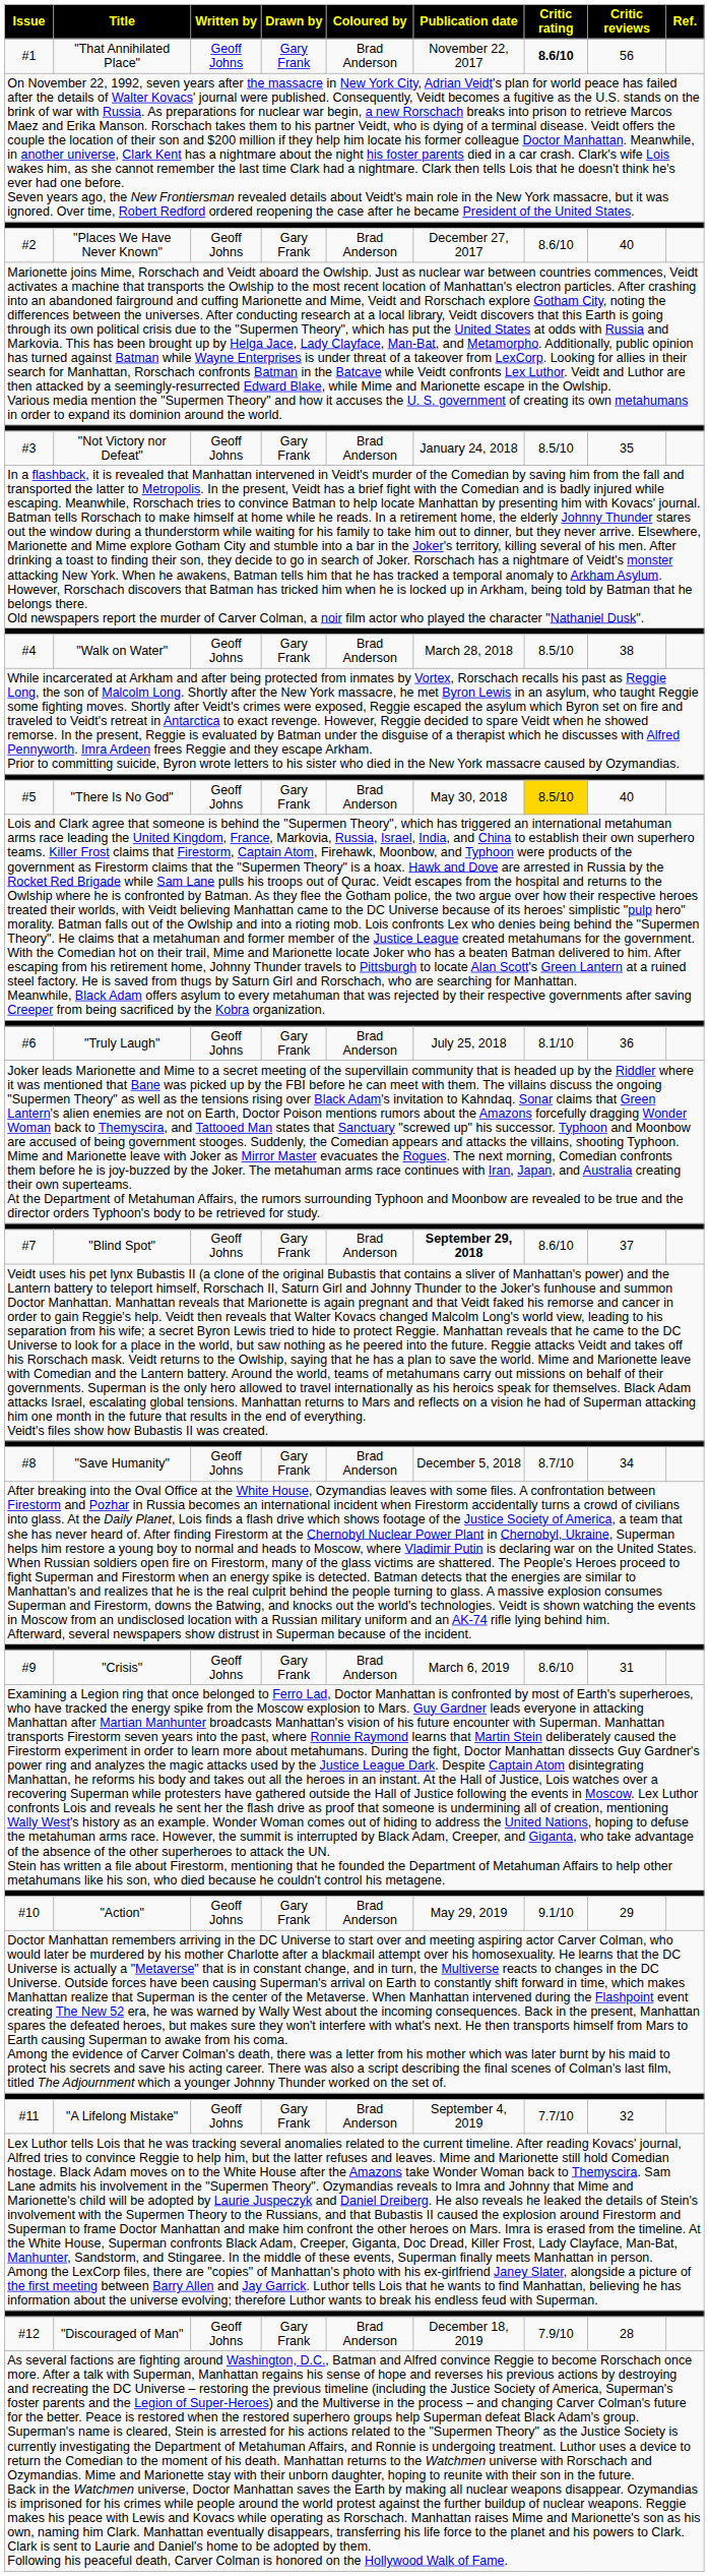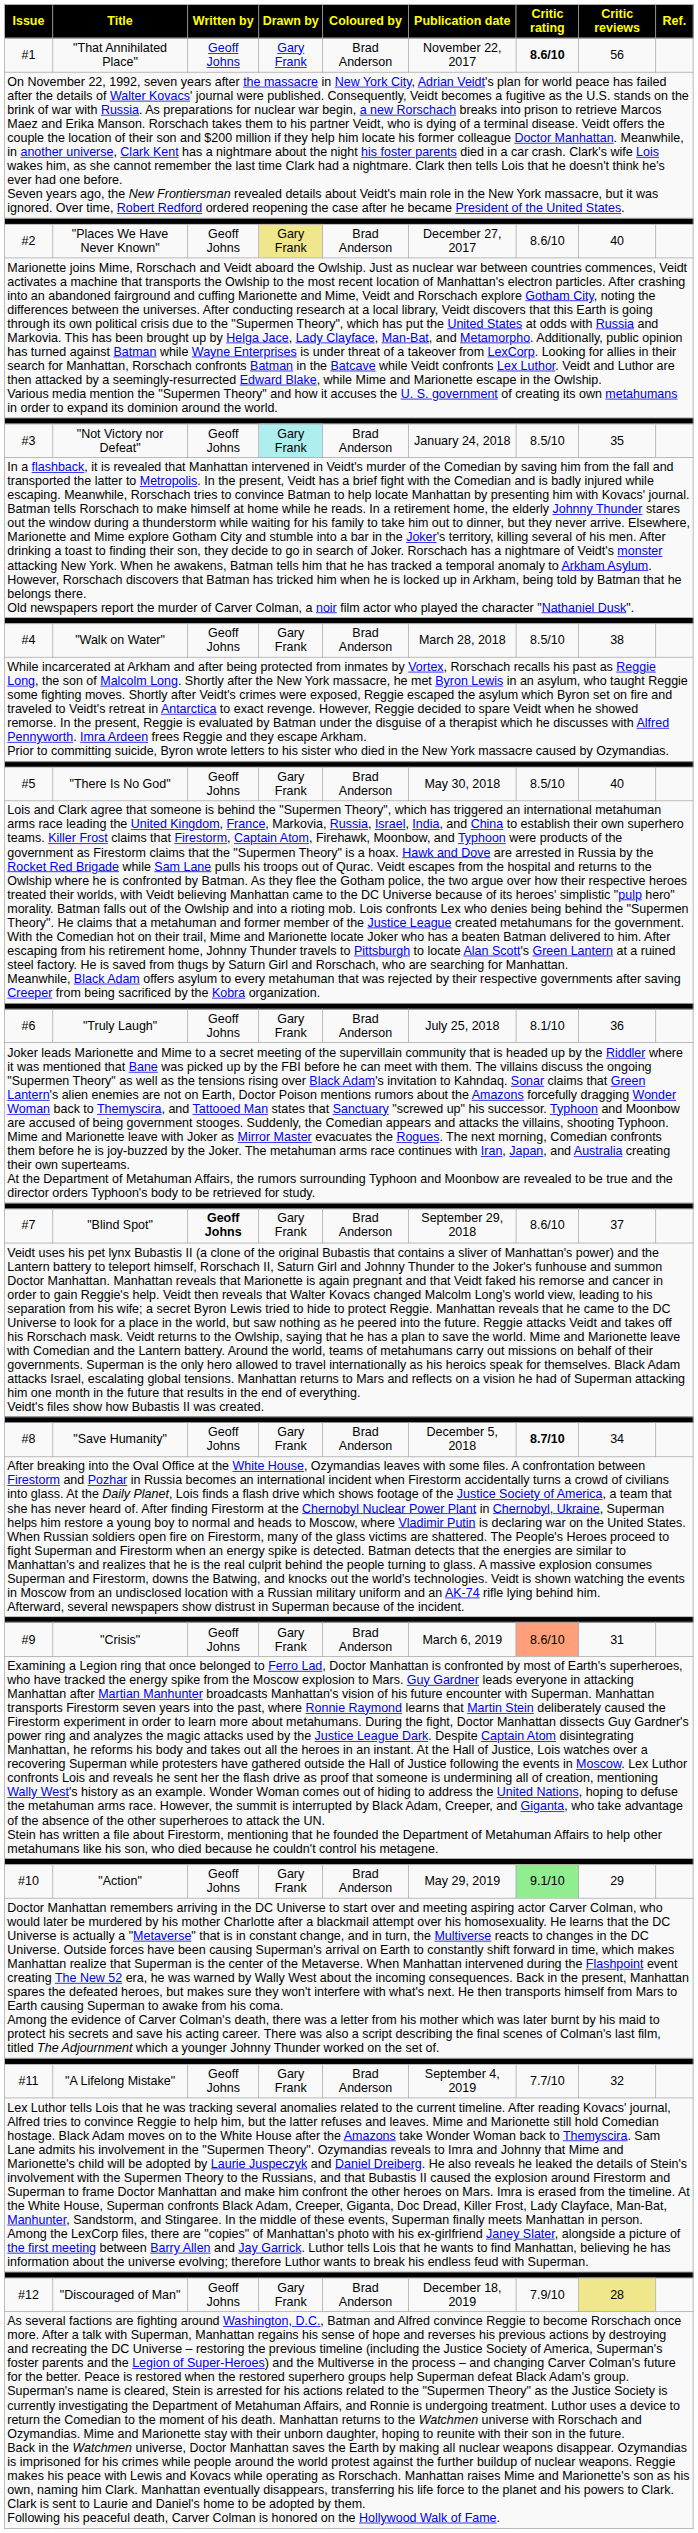 <table class="wikitable" width="100%;" style="text-align: center;">
 <tr>
 <th style="background:black; color:yellow">Issue</th>
 <th style="background:black; color:yellow">Title</th>
 <th style="background:black; color:yellow">Written by</th>
 <th style="background:black; color:yellow">Drawn by</th>
 <th style="background:black; color:yellow">Coloured by</th>
 <th style="background:black; color:yellow">Publication date</th>
 <th style="background:black; color:yellow">Critic rating</th>
 <th style="background:black; color:yellow">Critic reviews</th>
 <th style="background:black; color:yellow">Ref.</th>
 </tr>
 <tr>
 <td>#1</td>
 <td>"That Annihilated Place"</td>
 <td><a href='#'>Geoff Johns</a></td>
 <td><a href='#'>Gary Frank</a></td>
 <td>Brad Anderson</td>
 <td>November 22, 2017</td>
 <td><strong>8.6/10</strong></td>
 <td>56</td>
 <td></td>
 </tr>
 <tr>
 <td colspan="9" style="text-align: left;">On November 22, 1992, seven years after <a href='#'>the massacre</a> in <a href='#'>New York City</a>, <a href='#'>Adrian Veidt</a>'s plan for world peace has failed after the details of <a href='#'>Walter Kovacs</a>' journal were published. Consequently, Veidt becomes a fugitive as the U.S. stands on the brink of war with <a href='#'>Russia</a>. As preparations for nuclear war begin, <a href='#'>a new Rorschach</a> breaks into prison to retrieve Marcos Maez and Erika Manson. Rorschach takes them to his partner Veidt, who is dying of a terminal disease. Veidt offers the couple the location of their son and $200 million if they help him locate his former colleague <a href='#'>Doctor Manhattan</a>. Meanwhile, in <a href='#'>another universe</a>, <a href='#'>Clark Kent</a> has a nightmare about the night <a href='#'>his foster parents</a> died in a car crash. Clark's wife <a href='#'>Lois</a> wakes him, as she cannot remember the last time Clark had a nightmare. Clark then tells Lois that he doesn't think he's ever had one before.<br>Seven years ago, the <em>New Frontiersman</em> revealed details about Veidt's main role in the New York massacre, but it was ignored. Over time, <a href='#'>Robert Redford</a> ordered reopening the case after he became <a href='#'>President of the United States</a>.</td>
 </tr>
 <tr>
 <td colspan="9" bgcolor="#000000"></td>
 </tr>
 <tr>
 <td>#2</td>
 <td>"Places We Have Never Known"</td>
 <td>Geoff Johns</td>
-<td>Gary Frank</td>
+<td style="background: khaki;">Gary Frank</td>
 <td>Brad Anderson</td>
 <td>December 27, 2017</td>
 <td>8.6/10</td>
 <td>40</td>
 <td></td>
 </tr>
 <tr>
 <td colspan="9" style="text-align: left;">Marionette joins Mime, Rorschach and Veidt aboard the Owlship. Just as nuclear war between countries commences, Veidt activates a machine that transports the Owlship to the most recent location of Manhattan's electron particles. After crashing into an abandoned fairground and cuffing Marionette and Mime, Veidt and Rorschach explore <a href='#'>Gotham City</a>, noting the differences between the universes. After conducting research at a local library, Veidt discovers that this Earth is going through its own political crisis due to the "Supermen Theory", which has put the <a href='#'>United States</a> at odds with <a href='#'>Russia</a> and Markovia. This has been brought up by <a href='#'>Helga Jace</a>, <a href='#'>Lady Clayface</a>, <a href='#'>Man-Bat</a>, and <a href='#'>Metamorpho</a>. Additionally, public opinion has turned against <a href='#'>Batman</a> while <a href='#'>Wayne Enterprises</a> is under threat of a takeover from <a href='#'>LexCorp</a>. Looking for allies in their search for Manhattan, Rorschach confronts <a href='#'>Batman</a> in the <a href='#'>Batcave</a> while Veidt confronts <a href='#'>Lex Luthor</a>. Veidt and Luthor are then attacked by a seemingly-resurrected <a href='#'>Edward Blake</a>, while Mime and Marionette escape in the Owlship.<br>Various media mention the "Supermen Theory" and how it accuses the <a href='#'>U. S. government</a> of creating its own <a href='#'>metahumans</a> in order to expand its dominion around the world.</td>
 </tr>
 <tr>
 <td colspan="9" bgcolor="#000000"></td>
 </tr>
 <tr>
 <td>#3</td>
 <td>"Not Victory nor Defeat"</td>
 <td>Geoff Johns</td>
-<td>Gary Frank</td>
+<td style="background: paleturquoise;">Gary Frank</td>
 <td>Brad Anderson</td>
 <td>January 24, 2018</td>
 <td>8.5/10</td>
 <td>35</td>
 <td></td>
 </tr>
 <tr>
 <td colspan="9" style="text-align: left;">In a <a href='#'>flashback</a>, it is revealed that Manhattan intervened in Veidt's murder of the Comedian by saving him from the fall and transported the latter to <a href='#'>Metropolis</a>. In the present, Veidt has a brief fight with the Comedian and is badly injured while escaping. Meanwhile, Rorschach tries to convince Batman to help locate Manhattan by presenting him with Kovacs' journal. Batman tells Rorschach to make himself at home while he reads. In a retirement home, the elderly <a href='#'>Johnny Thunder</a> stares out the window during a thunderstorm while waiting for his family to take him out to dinner, but they never arrive. Elsewhere, Marionette and Mime explore Gotham City and stumble into a bar in the <a href='#'>Joker</a>'s territory, killing several of his men. After drinking a toast to finding their son, they decide to go in search of Joker. Rorschach has a nightmare of Veidt's <a href='#'>monster</a> attacking New York. When he awakens, Batman tells him that he has tracked a temporal anomaly to <a href='#'>Arkham Asylum</a>. However, Rorschach discovers that Batman has tricked him when he is locked up in Arkham, being told by Batman that he belongs there.<br>Old newspapers report the murder of Carver Colman, a <a href='#'>noir</a> film actor who played the character "<a href='#'>Nathaniel Dusk</a>".</td>
 </tr>
 <tr>
 <td colspan="9" bgcolor="#000000"></td>
 </tr>
 <tr>
 <td>#4</td>
 <td>"Walk on Water"</td>
 <td>Geoff Johns</td>
 <td>Gary Frank</td>
 <td>Brad Anderson</td>
 <td>March 28, 2018</td>
 <td>8.5/10</td>
 <td>38</td>
 <td></td>
 </tr>
 <tr>
 <td colspan="9" style="text-align: left;">While incarcerated at Arkham and after being protected from inmates by <a href='#'>Vortex</a>, Rorschach recalls his past as <a href='#'>Reggie Long</a>, the son of <a href='#'>Malcolm Long</a>. Shortly after the New York massacre, he met <a href='#'>Byron Lewis</a> in an asylum, who taught Reggie some fighting moves. Shortly after Veidt's crimes were exposed, Reggie escaped the asylum which Byron set on fire and traveled to Veidt's retreat in <a href='#'>Antarctica</a> to exact revenge. However, Reggie decided to spare Veidt when he showed remorse. In the present, Reggie is evaluated by Batman under the disguise of a therapist which he discusses with <a href='#'>Alfred Pennyworth</a>. <a href='#'>Imra Ardeen</a> frees Reggie and they escape Arkham.<br>Prior to committing suicide, Byron wrote letters to his sister who died in the New York massacre caused by Ozymandias.</td>
 </tr>
 <tr>
 <td colspan="9" bgcolor="#000000"></td>
 </tr>
 <tr>
 <td>#5</td>
 <td>"There Is No God"</td>
 <td>Geoff Johns</td>
 <td>Gary Frank</td>
 <td>Brad Anderson</td>
 <td>May 30, 2018</td>
-<td style="background: gold;">8.5/10</td>
+<td>8.5/10</td>
 <td>40</td>
 <td></td>
 </tr>
 <tr>
 <td colspan="9" style="text-align: left;">Lois and Clark agree that someone is behind the "Supermen Theory", which has triggered an international metahuman arms race leading the <a href='#'>United Kingdom</a>, <a href='#'>France</a>, Markovia, <a href='#'>Russia</a>, <a href='#'>Israel</a>, <a href='#'>India</a>, and <a href='#'>China</a> to establish their own superhero teams. <a href='#'>Killer Frost</a> claims that <a href='#'>Firestorm</a>, <a href='#'>Captain Atom</a>, Firehawk, Moonbow, and <a href='#'>Typhoon</a> were products of the government as Firestorm claims that the "Supermen Theory" is a hoax. <a href='#'>Hawk and Dove</a> are arrested in Russia by the <a href='#'>Rocket Red Brigade</a> while <a href='#'>Sam Lane</a> pulls his troops out of Qurac. Veidt escapes from the hospital and returns to the Owlship where he is confronted by Batman. As they flee the Gotham police, the two argue over how their respective heroes treated their worlds, with Veidt believing Manhattan came to the DC Universe because of its heroes' simplistic "<a href='#'>pulp</a> hero" morality. Batman falls out of the Owlship and into a rioting mob. Lois confronts Lex who denies being behind the "Supermen Theory". He claims that a metahuman and former member of the <a href='#'>Justice League</a> created metahumans for the government. With the Comedian hot on their trail, Mime and Marionette locate Joker who has a beaten Batman delivered to him. After escaping from his retirement home, Johnny Thunder travels to <a href='#'>Pittsburgh</a> to locate <a href='#'>Alan Scott</a>'s <a href='#'>Green Lantern</a> at a ruined steel factory. He is saved from thugs by Saturn Girl and Rorschach, who are searching for Manhattan.<br>Meanwhile, <a href='#'>Black Adam</a> offers asylum to every metahuman that was rejected by their respective governments after saving <a href='#'>Creeper</a> from being sacrificed by the <a href='#'>Kobra</a> organization.</td>
 </tr>
 <tr>
 <td colspan="9" bgcolor="#000000"></td>
 </tr>
 <tr>
 <td>#6</td>
 <td>"Truly Laugh"</td>
 <td>Geoff Johns</td>
 <td>Gary Frank</td>
 <td>Brad Anderson</td>
 <td>July 25, 2018</td>
 <td>8.1/10</td>
 <td>36</td>
 <td></td>
 </tr>
 <tr>
 <td colspan="9" style="text-align: left;">Joker leads Marionette and Mime to a secret meeting of the supervillain community that is headed up by the <a href='#'>Riddler</a> where it was mentioned that <a href='#'>Bane</a> was picked up by the FBI before he can meet with them. The villains discuss the ongoing "Supermen Theory" as well as the tensions rising over <a href='#'>Black Adam</a>'s invitation to Kahndaq. <a href='#'>Sonar</a> claims that <a href='#'>Green Lantern</a>'s alien enemies are not on Earth, Doctor Poison mentions rumors about the <a href='#'>Amazons</a> forcefully dragging <a href='#'>Wonder Woman</a> back to <a href='#'>Themyscira</a>, and <a href='#'>Tattooed Man</a> states that <a href='#'>Sanctuary</a> "screwed up" his successor. <a href='#'>Typhoon</a> and Moonbow are accused of being government stooges. Suddenly, the Comedian appears and attacks the villains, shooting Typhoon. Mime and Marionette leave with Joker as <a href='#'>Mirror Master</a> evacuates the <a href='#'>Rogues</a>. The next morning, Comedian confronts them before he is joy-buzzed by the Joker. The metahuman arms race continues with <a href='#'>Iran</a>, <a href='#'>Japan</a>, and <a href='#'>Australia</a> creating their own superteams.<br>At the Department of Metahuman Affairs, the rumors surrounding Typhoon and Moonbow are revealed to be true and the director orders Typhoon's body to be retrieved for study.</td>
 </tr>
 <tr>
 <td colspan="9" bgcolor="#000000"></td>
 </tr>
 <tr>
 <td>#7</td>
 <td>"Blind Spot"</td>
-<td>Geoff Johns</td>
+<td><strong>Geoff Johns</strong></td>
 <td>Gary Frank</td>
 <td>Brad Anderson</td>
-<td><strong>September 29, 2018</strong></td>
+<td>September 29, 2018</td>
 <td>8.6/10</td>
 <td>37</td>
 <td></td>
 </tr>
 <tr>
 <td colspan="9" style="text-align: left;">Veidt uses his pet lynx Bubastis II (a clone of the original Bubastis that contains a sliver of Manhattan's power) and the Lantern battery to teleport himself, Rorschach II, Saturn Girl and Johnny Thunder to the Joker's funhouse and summon Doctor Manhattan. Manhattan reveals that Marionette is again pregnant and that Veidt faked his remorse and cancer in order to gain Reggie's help. Veidt then reveals that Walter Kovacs changed Malcolm Long's world view, leading to his separation from his wife; a secret Byron Lewis tried to hide to protect Reggie. Manhattan reveals that he came to the DC Universe to look for a place in the world, but saw nothing as he peered into the future. Reggie attacks Veidt and takes off his Rorschach mask. Veidt returns to the Owlship, saying that he has a plan to save the world. Mime and Marionette leave with Comedian and the Lantern battery. Around the world, teams of metahumans carry out missions on behalf of their governments. Superman is the only hero allowed to travel internationally as his heroics speak for themselves. Black Adam attacks Israel, escalating global tensions. Manhattan returns to Mars and reflects on a vision he had of Superman attacking him one month in the future that results in the end of everything.<br>Veidt's files show how Bubastis II was created.</td>
 </tr>
 <tr>
 <td colspan="9" bgcolor="#000000"></td>
 </tr>
 <tr>
 <td>#8</td>
 <td>"Save Humanity"</td>
 <td>Geoff Johns</td>
 <td>Gary Frank</td>
 <td>Brad Anderson</td>
 <td>December 5, 2018</td>
-<td>8.7/10</td>
+<td><strong>8.7/10</strong></td>
 <td>34</td>
 <td></td>
 </tr>
 <tr>
 <td colspan="9" style="text-align: left;">After breaking into the Oval Office at the <a href='#'>White House</a>, Ozymandias leaves with some files. A confrontation between <a href='#'>Firestorm</a> and <a href='#'>Pozhar</a> in Russia becomes an international incident when Firestorm accidentally turns a crowd of civilians into glass. At the <em>Daily Planet</em>, Lois finds a flash drive which shows footage of the <a href='#'>Justice Society of America</a>, a team that she has never heard of. After finding Firestorm at the <a href='#'>Chernobyl Nuclear Power Plant</a> in <a href='#'>Chernobyl, Ukraine</a>, Superman helps him restore a young boy to normal and heads to Moscow, where <a href='#'>Vladimir Putin</a> is declaring war on the United States. When Russian soldiers open fire on Firestorm, many of the glass victims are shattered. The People's Heroes proceed to fight Superman and Firestorm when an energy spike is detected. Batman detects that the energies are similar to Manhattan's and realizes that he is the real culprit behind the people turning to glass. A massive explosion consumes Superman and Firestorm, downs the Batwing, and knocks out the world's technologies. Veidt is shown watching the events in Moscow from an undisclosed location with a Russian military uniform and an <a href='#'>AK-74</a> rifle lying behind him.<br>Afterward, several newspapers show distrust in Superman because of the incident.</td>
 </tr>
 <tr>
 <td colspan="9" bgcolor="#000000"></td>
 </tr>
 <tr>
 <td>#9</td>
 <td>"Crisis"</td>
 <td>Geoff Johns</td>
 <td>Gary Frank</td>
 <td>Brad Anderson</td>
 <td>March 6, 2019</td>
-<td>8.6/10</td>
+<td style="background: lightsalmon;">8.6/10</td>
 <td>31</td>
 <td></td>
 </tr>
 <tr>
 <td colspan="9" style="text-align: left;">Examining a Legion ring that once belonged to <a href='#'>Ferro Lad</a>, Doctor Manhattan is confronted by most of Earth's superheroes, who have tracked the energy spike from the Moscow explosion to Mars. <a href='#'>Guy Gardner</a> leads everyone in attacking Manhattan after <a href='#'>Martian Manhunter</a> broadcasts Manhattan's vision of his future encounter with Superman. Manhattan transports Firestorm seven years into the past, where <a href='#'>Ronnie Raymond</a> learns that <a href='#'>Martin Stein</a> deliberately caused the Firestorm experiment in order to learn more about metahumans. During the fight, Doctor Manhattan dissects Guy Gardner's power ring and analyzes the magic attacks used by the <a href='#'>Justice League Dark</a>. Despite <a href='#'>Captain Atom</a> disintegrating Manhattan, he reforms his body and takes out all the heroes in an instant. At the Hall of Justice, Lois watches over a recovering Superman while protesters have gathered outside the Hall of Justice following the events in <a href='#'>Moscow</a>. Lex Luthor confronts Lois and reveals he sent her the flash drive as proof that someone is undermining all of creation, mentioning <a href='#'>Wally West</a>'s history as an example. Wonder Woman comes out of hiding to address the <a href='#'>United Nations</a>, hoping to defuse the metahuman arms race. However, the summit is interrupted by Black Adam, Creeper, and <a href='#'>Giganta</a>, who take advantage of the absence of the other superheroes to attack the UN.<br>Stein has written a file about Firestorm, mentioning that he founded the Department of Metahuman Affairs to help other metahumans like his son, who died because he couldn't control his metagene.</td>
 </tr>
 <tr>
 <td colspan="9" bgcolor="#000000"></td>
 </tr>
 <tr>
 <td>#10</td>
 <td>"Action"</td>
 <td>Geoff Johns</td>
 <td>Gary Frank</td>
 <td>Brad Anderson</td>
 <td>May 29, 2019</td>
-<td>9.1/10</td>
+<td style="background: lightgreen;">9.1/10</td>
 <td>29</td>
 <td></td>
 </tr>
 <tr>
 <td colspan="9" style="text-align: left;">Doctor Manhattan remembers arriving in the DC Universe to start over and meeting aspiring actor Carver Colman, who would later be murdered by his mother Charlotte after a blackmail attempt over his homosexuality. He learns that the DC Universe is actually a "<a href='#'>Metaverse</a>" that is in constant change, and in turn, the <a href='#'>Multiverse</a> reacts to changes in the DC Universe. Outside forces have been causing Superman's arrival on Earth to constantly shift forward in time, which makes Manhattan realize that Superman is the center of the Metaverse. When Manhattan intervened during the <a href='#'>Flashpoint</a> event creating <a href='#'>The New 52</a> era, he was warned by Wally West about the incoming consequences. Back in the present, Manhattan spares the defeated heroes, but makes sure they won't interfere with what's next. He then transports himself from Mars to Earth causing Superman to awake from his coma.<br>Among the evidence of Carver Colman's death, there was a letter from his mother which was later burnt by his maid to protect his secrets and save his acting career. There was also a script describing the final scenes of Colman's last film, titled <em>The Adjournment</em> which a younger Johnny Thunder worked on the set of.</td>
 </tr>
 <tr>
 <td colspan="9" bgcolor="#000000"></td>
 </tr>
 <tr>
 <td>#11</td>
 <td>"A Lifelong Mistake"</td>
 <td>Geoff Johns</td>
 <td>Gary Frank</td>
 <td>Brad Anderson</td>
 <td>September 4, 2019</td>
 <td>7.7/10</td>
 <td>32</td>
 <td></td>
 </tr>
 <tr>
 <td colspan="9" style="text-align: left;">Lex Luthor tells Lois that he was tracking several anomalies related to the current timeline. After reading Kovacs' journal, Alfred tries to convince Reggie to help him, but the latter refuses and leaves. Mime and Marionette still hold Comedian hostage. Black Adam moves on to the White House after the <a href='#'>Amazons</a> take Wonder Woman back to <a href='#'>Themyscira</a>. Sam Lane admits his involvement in the "Supermen Theory". Ozymandias reveals to Imra and Johnny that Mime and Marionette's child will be adopted by <a href='#'>Laurie Juspeczyk</a> and <a href='#'>Daniel Dreiberg</a>. He also reveals he leaked the details of Stein's involvement with the Supermen Theory to the Russians, and that Bubastis II caused the explosion around Firestorm and Superman to frame Doctor Manhattan and make him confront the other heroes on Mars. Imra is erased from the timeline. At the White House, Superman confronts Black Adam, Creeper, Giganta, Doc Dread, Killer Frost, Lady Clayface, Man-Bat, <a href='#'>Manhunter</a>, Sandstorm, and Stingaree. In the middle of these events, Superman finally meets Manhattan in person.<br>Among the LexCorp files, there are "copies" of Manhattan's photo with his ex-girlfriend <a href='#'>Janey Slater</a>, alongside a picture of <a href='#'>the first meeting</a> between <a href='#'>Barry Allen</a> and <a href='#'>Jay Garrick</a>. Luthor tells Lois that he wants to find Manhattan, believing he has information about the universe evolving; therefore Luthor wants to break his endless feud with Superman.</td>
 </tr>
 <tr>
 <td colspan="9" bgcolor="#000000"></td>
 </tr>
 <tr>
 <td>#12</td>
 <td>"Discouraged of Man"</td>
 <td>Geoff Johns</td>
 <td>Gary Frank</td>
 <td>Brad Anderson</td>
 <td>December 18, 2019</td>
 <td>7.9/10</td>
-<td>28</td>
+<td style="background: khaki;">28</td>
 <td></td>
 </tr>
 <tr>
 <td colspan="9" style="text-align: left;">As several factions are fighting around <a href='#'>Washington, D.C.</a>, Batman and Alfred convince Reggie to become Rorschach once more. After a talk with Superman, Manhattan regains his sense of hope and reverses his previous actions by destroying and recreating the DC Universe – restoring the previous timeline (including the Justice Society of America, Superman's foster parents and the <a href='#'>Legion of Super-Heroes</a>) and the Multiverse in the process – and changing Carver Colman's future for the better. Peace is restored when the restored superhero groups help Superman defeat Black Adam's group. Superman's name is cleared, Stein is arrested for his actions related to the "Supermen Theory" as the Justice Society is currently investigating the Department of Metahuman Affairs, and Ronnie is undergoing treatment. Luthor uses a device to return the Comedian to the moment of his death. Manhattan returns to the <em>Watchmen</em> universe with Rorschach and Ozymandias. Mime and Marionette stay with their unborn daughter, hoping to reunite with their son in the future.<br>Back in the <em>Watchmen</em> universe, Doctor Manhattan saves the Earth by making all nuclear weapons disappear. Ozymandias is imprisoned for his crimes while people around the world protest against the further buildup of nuclear weapons. Reggie makes his peace with Lewis and Kovacs while operating as Rorschach. Manhattan raises Mime and Marionette's son as his own, naming him Clark. Manhattan eventually disappears, transferring his life force to the planet and his powers to Clark. Clark is sent to Laurie and Daniel's home to be adopted by them.<br>Following his peaceful death, Carver Colman is honored on the <a href='#'>Hollywood Walk of Fame</a>.</td>
 </tr>
 </table>
